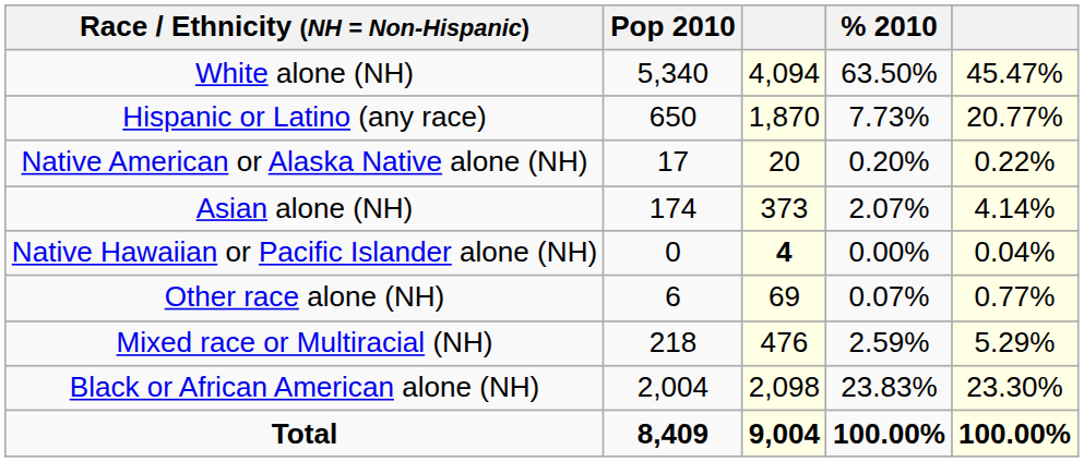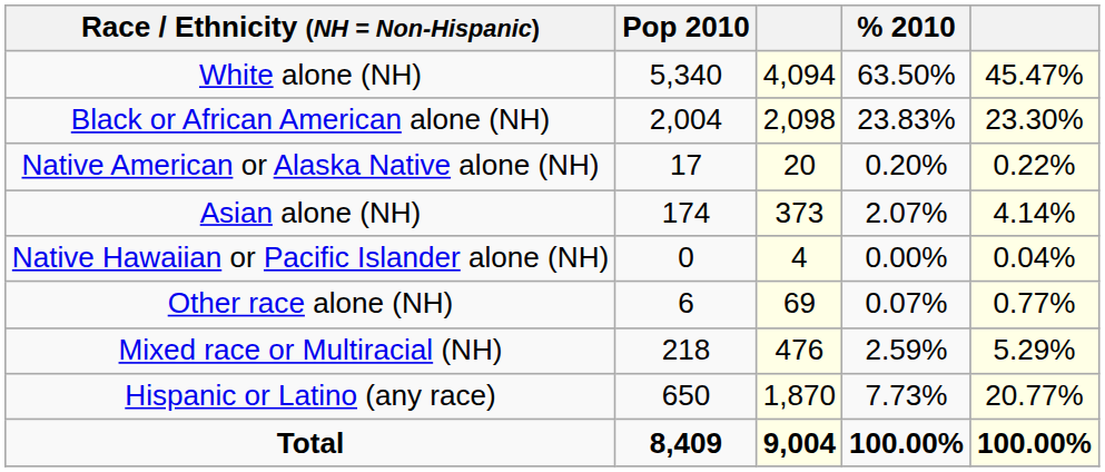 <table class="wikitable" style="text-align:center;">
 <tr>
 <th>Race / Ethnicity <small>(<em>NH = Non-Hispanic</em>)</small></th>
 <th>Pop 2010</th>
 <th></th>
 <th>% 2010</th>
 <th></th>
 </tr>
 <tr>
 <td><a href='#'>White</a> alone (NH)</td>
 <td>5,340</td>
 <td style='background: #ffffe6;'>4,094</td>
 <td>63.50%</td>
 <td style='background: #ffffe6;'>45.47%</td>
 </tr>
 <tr>
-<td><a href='#'>Hispanic or Latino</a> (any race)</td>
-<td>650</td>
-<td style='background: #ffffe6;'>1,870</td>
-<td>7.73%</td>
-<td style='background: #ffffe6;'>20.77%</td>
+<td><a href='#'>Black or African American</a> alone (NH)</td>
+<td>2,004</td>
+<td style='background: #ffffe6;'>2,098</td>
+<td>23.83%</td>
+<td style='background: #ffffe6;'>23.30%</td>
 </tr>
 <tr>
 <td><a href='#'>Native American</a> or <a href='#'>Alaska Native</a> alone (NH)</td>
 <td>17</td>
 <td style='background: #ffffe6;'>20</td>
 <td>0.20%</td>
 <td style='background: #ffffe6;'>0.22%</td>
 </tr>
 <tr>
 <td><a href='#'>Asian</a> alone (NH)</td>
 <td>174</td>
 <td style='background: #ffffe6;'>373</td>
 <td>2.07%</td>
 <td style='background: #ffffe6;'>4.14%</td>
 </tr>
 <tr>
 <td><a href='#'>Native Hawaiian</a> or <a href='#'>Pacific Islander</a> alone (NH)</td>
 <td>0</td>
-<td style='background: #ffffe6;'><strong>4</strong></td>
+<td style='background: #ffffe6;'>4</td>
 <td>0.00%</td>
 <td style='background: #ffffe6;'>0.04%</td>
 </tr>
 <tr>
 <td><a href='#'>Other race</a> alone (NH)</td>
 <td>6</td>
 <td style='background: #ffffe6;'>69</td>
 <td>0.07%</td>
 <td style='background: #ffffe6;'>0.77%</td>
 </tr>
 <tr>
 <td><a href='#'>Mixed race or Multiracial</a> (NH)</td>
 <td>218</td>
 <td style='background: #ffffe6;'>476</td>
 <td>2.59%</td>
 <td style='background: #ffffe6;'>5.29%</td>
 </tr>
 <tr>
-<td><a href='#'>Black or African American</a> alone (NH)</td>
-<td>2,004</td>
-<td style='background: #ffffe6;'>2,098</td>
-<td>23.83%</td>
-<td style='background: #ffffe6;'>23.30%</td>
+<td><a href='#'>Hispanic or Latino</a> (any race)</td>
+<td>650</td>
+<td style='background: #ffffe6;'>1,870</td>
+<td>7.73%</td>
+<td style='background: #ffffe6;'>20.77%</td>
 </tr>
 <tr>
 <td><strong>Total</strong></td>
 <td><strong>8,409</strong></td>
 <td style='background: #ffffe6;'><strong>9,004</strong></td>
 <td><strong>100.00%</strong></td>
 <td style='background: #ffffe6;'><strong>100.00%</strong></td>
 </tr>
 </table>
